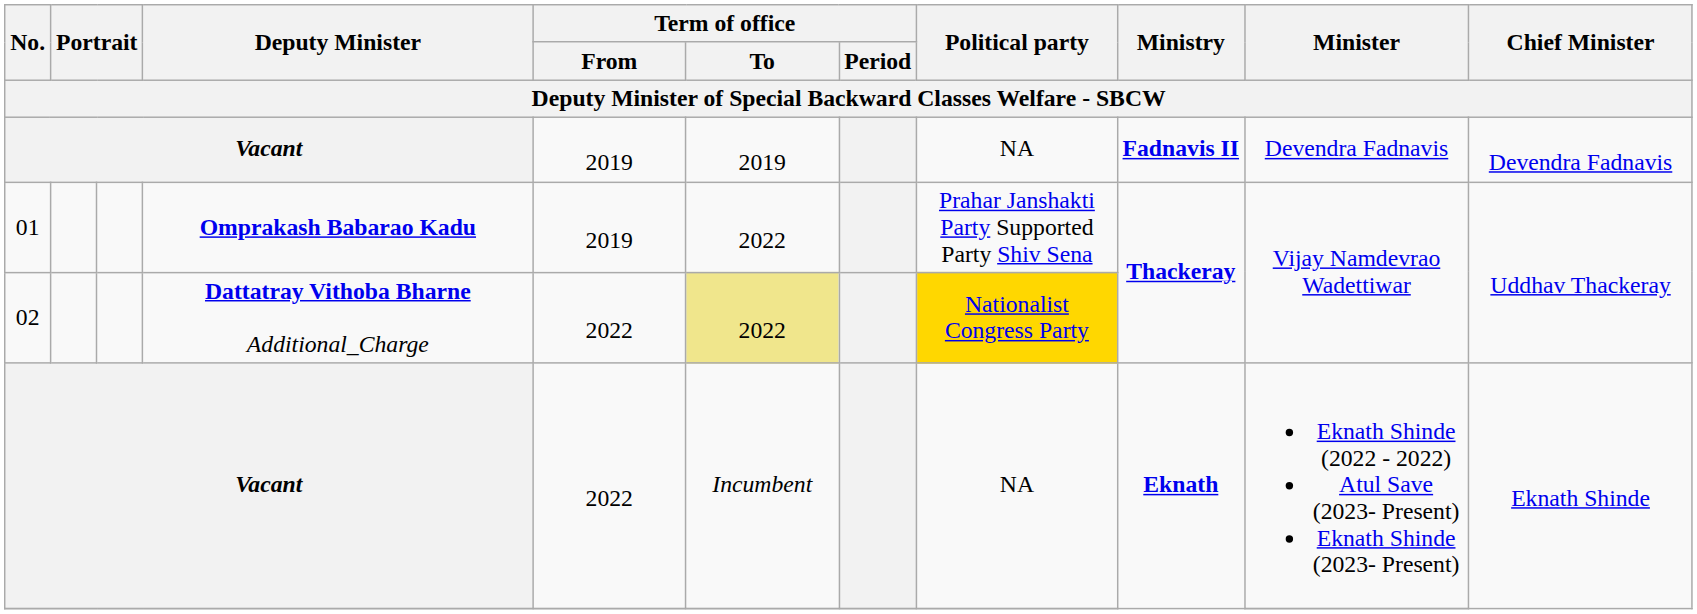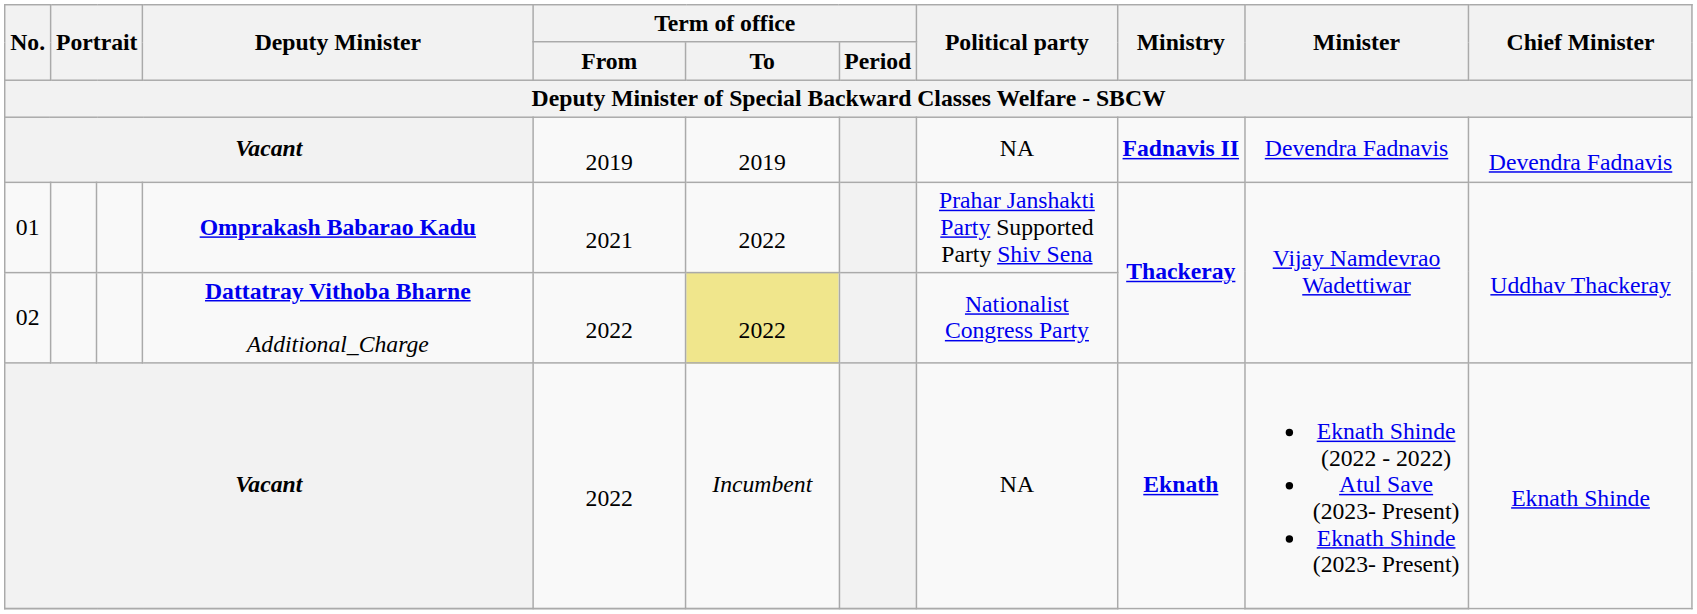 <table class="wikitable" style="text-align:center">
 <tr>
 <th rowspan="2">No.</th>
 <th rowspan="2" colspan="2">Portrait</th>
 <th rowspan="2" style="width:16em">Deputy Minister<br></th>
 <th colspan="3">Term of office</th>
 <th rowspan="2" style="width:8em">Political party</th>
 <th rowspan="2">Ministry</th>
 <th rowspan="2" style="width:9em">Minister</th>
 <th rowspan="2" style="width:9em">Chief Minister</th>
 </tr>
 <tr>
 <th style="width:6em">From</th>
 <th style="width:6em">To</th>
 <th>Period</th>
 </tr>
 <tr>
 <th colspan="11">Deputy Minister of Special Backward Classes Welfare - SBCW</th>
 </tr>
 <tr>
 <th colspan="04"><strong><em> Vacant</em></strong></th>
 <td><br>2019</td>
 <td><br>2019</td>
 <th></th>
 <td>NA</td>
 <td rowspan="1"><a href='#'><strong>Fadnavis II</strong></a></td>
 <td><a href='#'>Devendra Fadnavis</a></td>
 <td rowspan="1"> <br><a href='#'>Devendra Fadnavis</a></td>
 </tr>
 <tr>
 <td>01</td>
 <td style="color:inherit;background:"></td>
 <td></td>
 <td><strong><a href='#'>Omprakash Babarao Kadu</a></strong> <br> </td>
-<td><br>2019</td>
+<td><br>2021</td>
 <td><br>2022</td>
 <th></th>
 <td><a href='#'>Prahar Janshakti Party</a> Supported Party <a href='#'>Shiv Sena</a></td>
 <td rowspan="2"><a href='#'><strong>Thackeray</strong></a></td>
 <td rowspan="2"><a href='#'>Vijay Namdevrao Wadettiwar</a></td>
 <td rowspan="2"> <br><a href='#'>Uddhav Thackeray</a></td>
 </tr>
 <tr>
 <td>02</td>
 <td style="color:inherit;background:"></td>
 <td></td>
 <td><strong><a href='#'>Dattatray Vithoba Bharne</a></strong><br> <br><em>Additional_Charge</em></td>
 <td><br>2022</td>
 <td style="background: khaki;"><br>2022</td>
 <th></th>
-<td style="background: gold;"><a href='#'>Nationalist Congress Party</a></td>
+<td><a href='#'>Nationalist Congress Party</a></td>
 </tr>
 <tr>
 <th colspan="04"><strong><em>Vacant</em></strong></th>
 <td><br>2022</td>
 <td><em>Incumbent</em></td>
 <th></th>
 <td>NA</td>
 <td rowspan="2"><a href='#'><strong>Eknath</strong></a></td>
 <td><br><ul><li><a href='#'>Eknath Shinde</a><br>(2022 - 2022)</li><li><a href='#'>Atul Save</a><br> (2023- Present)</li><li><a href='#'>Eknath Shinde</a><br> (2023- Present)</li></ul></td>
 <td rowspan="2"> <br><a href='#'>Eknath Shinde</a></td>
 </tr>
 <tr>
 </tr>
 </table>
